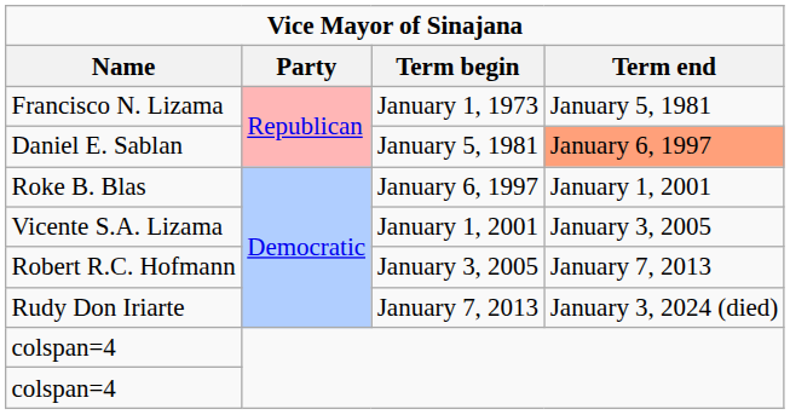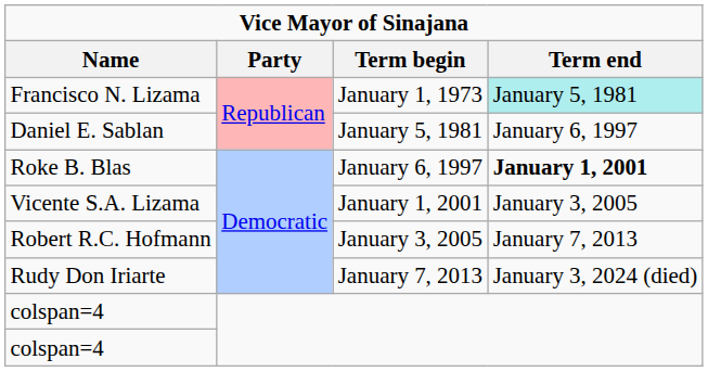 <table class="wikitable">
 <tr>
 <td colspan="4" align=center><strong>Vice Mayor of Sinajana</strong></td>
 </tr>
 <tr>
 <th>Name</th>
 <th>Party</th>
 <th>Term begin</th>
 <th>Term end</th>
 </tr>
 <tr>
 <td>Francisco N. Lizama</td>
 <td style="background-color: #FFB6B6"; rowspan="2"><a href='#'>Republican</a></td>
 <td>January 1, 1973</td>
-<td>January 5, 1981</td>
+<td style="background: paleturquoise;">January 5, 1981</td>
 </tr>
 <tr>
 <td>Daniel E. Sablan</td>
 <td>January 5, 1981</td>
-<td style="background: lightsalmon;">January 6, 1997</td>
+<td>January 6, 1997</td>
 </tr>
 <tr>
 <td>Roke B. Blas</td>
 <td style="background-color: #B0CEFF"; rowspan="4"><a href='#'>Democratic</a></td>
 <td>January 6, 1997</td>
-<td>January 1, 2001</td>
+<td><strong>January 1, 2001</strong></td>
 </tr>
 <tr>
 <td>Vicente S.A. Lizama</td>
 <td>January 1, 2001</td>
 <td>January 3, 2005</td>
 </tr>
 <tr>
 <td>Robert R.C. Hofmann</td>
 <td>January 3, 2005</td>
 <td>January 7, 2013</td>
 </tr>
 <tr>
 <td>Rudy Don Iriarte</td>
 <td>January 7, 2013</td>
 <td>January 3, 2024 (died)</td>
 </tr>
 <tr>
 <td>colspan=4 </td>
 </tr>
 <tr>
 <td>colspan=4 </td>
 </tr>
 </table>
